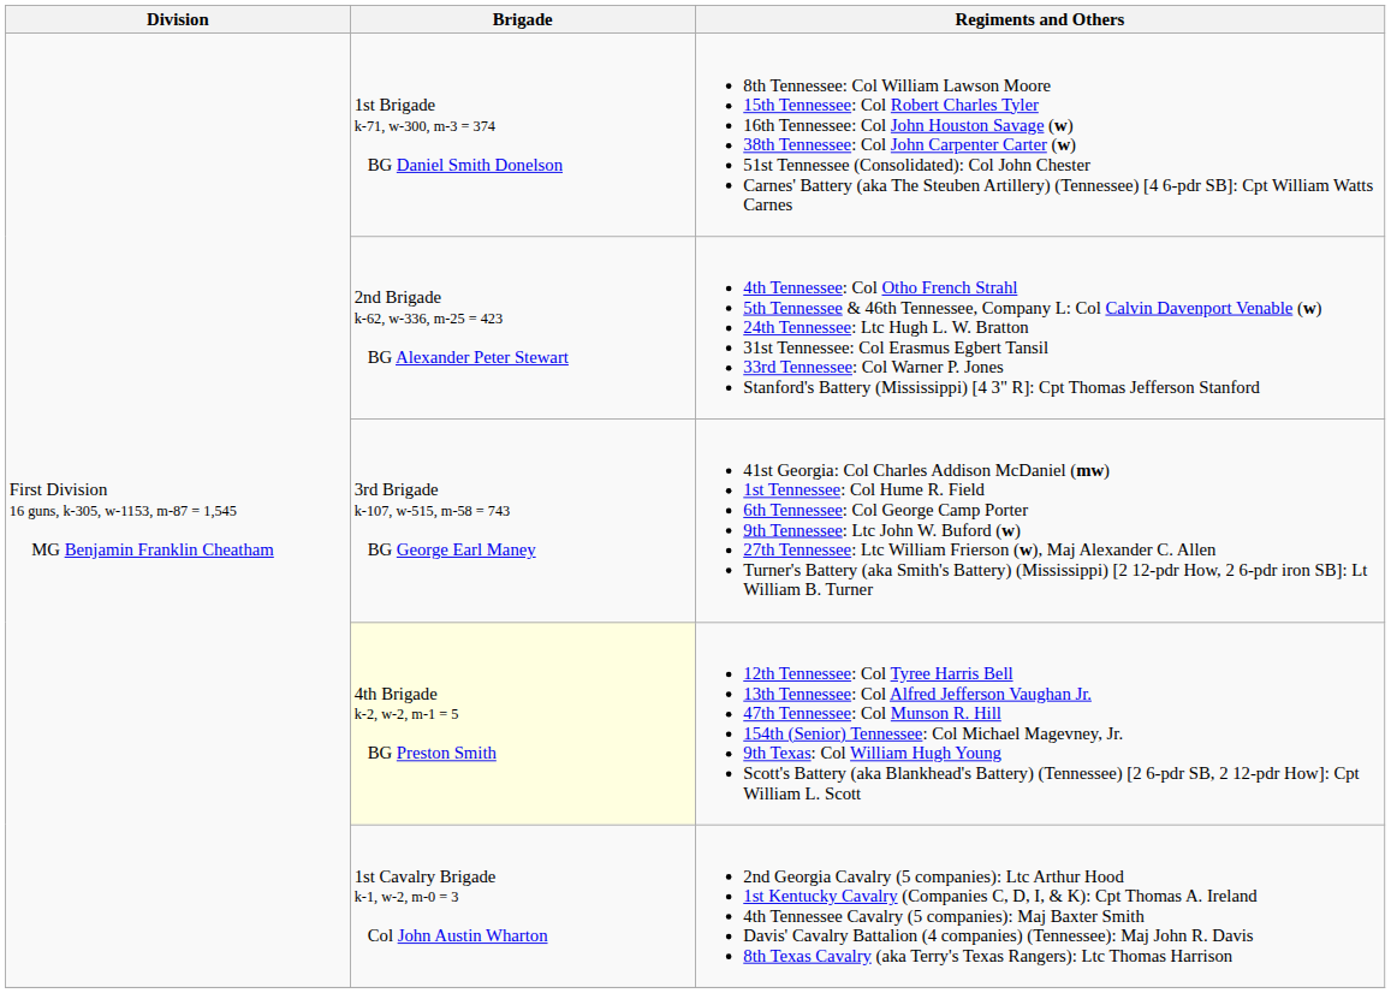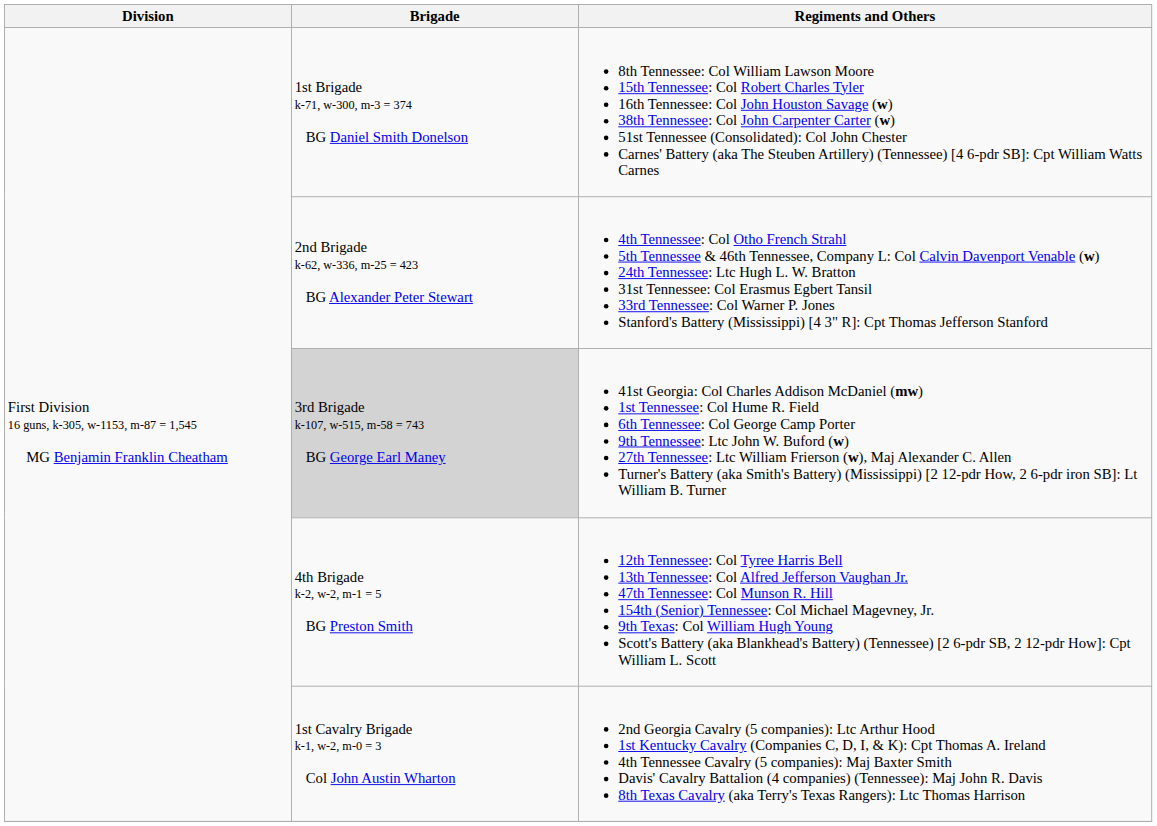 <table class="wikitable">
 <tr>
 <th width=25%>Division</th>
 <th width=25%>Brigade</th>
 <th>Regiments and Others</th>
 </tr>
 <tr>
 <td rowspan=5><br>First Division<br><small>16 guns, k-305, w-1153, m-87 = 1,545</small><br><br>     MG <a href='#'>Benjamin Franklin Cheatham</a><br></td>
 <td>1st Brigade<br><small>k-71, w-300, m-3 = 374</small><br><br>   BG <a href='#'>Daniel Smith Donelson</a></td>
 <td><br><ul><li>8th Tennessee: Col William Lawson Moore</li><li><a href='#'>15th Tennessee</a>: Col <a href='#'>Robert Charles Tyler</a></li><li>16th Tennessee: Col <a href='#'>John Houston Savage</a> (<strong>w</strong>)</li><li><a href='#'>38th Tennessee</a>: Col <a href='#'>John Carpenter Carter</a> (<strong>w</strong>)</li><li>51st Tennessee (Consolidated): Col John Chester</li><li>Carnes' Battery (aka The Steuben Artillery) (Tennessee) [4 6-pdr SB]: Cpt William Watts Carnes</li></ul></td>
 </tr>
 <tr>
 <td>2nd Brigade<br><small>k-62, w-336, m-25 = 423</small><br><br>   BG <a href='#'>Alexander Peter Stewart</a></td>
 <td><br><ul><li><a href='#'>4th Tennessee</a>: Col <a href='#'>Otho French Strahl</a></li><li><a href='#'>5th Tennessee</a> & 46th Tennessee, Company L: Col <a href='#'>Calvin Davenport Venable</a> (<strong>w</strong>)</li><li><a href='#'>24th Tennessee</a>: Ltc Hugh L. W. Bratton</li><li>31st Tennessee: Col Erasmus Egbert Tansil</li><li><a href='#'>33rd Tennessee</a>: Col Warner P. Jones</li><li>Stanford's Battery (Mississippi) [4 3" R]: Cpt Thomas Jefferson Stanford</li></ul></td>
 </tr>
 <tr>
-<td>3rd Brigade<br><small>k-107, w-515, m-58 = 743</small><br><br>   BG <a href='#'>George Earl Maney</a></td>
+<td style="background: lightgrey;">3rd Brigade<br><small>k-107, w-515, m-58 = 743</small><br><br>   BG <a href='#'>George Earl Maney</a></td>
 <td><br><ul><li>41st Georgia: Col Charles Addison McDaniel (<strong>mw</strong>)</li><li><a href='#'>1st Tennessee</a>: Col Hume R. Field</li><li><a href='#'>6th Tennessee</a>: Col George Camp Porter</li><li><a href='#'>9th Tennessee</a>: Ltc John W. Buford (<strong>w</strong>)</li><li><a href='#'>27th Tennessee</a>: Ltc William Frierson (<strong>w</strong>), Maj Alexander C. Allen</li><li>Turner's Battery (aka Smith's Battery) (Mississippi) [2 12-pdr How, 2 6-pdr iron SB]: Lt William B. Turner</li></ul></td>
 </tr>
 <tr>
-<td style="background: lightyellow;">4th Brigade<br><small>k-2, w-2, m-1 = 5</small><br><br>   BG <a href='#'>Preston Smith</a></td>
+<td>4th Brigade<br><small>k-2, w-2, m-1 = 5</small><br><br>   BG <a href='#'>Preston Smith</a></td>
 <td><br><ul><li><a href='#'>12th Tennessee</a>: Col <a href='#'>Tyree Harris Bell</a></li><li><a href='#'>13th Tennessee</a>: Col <a href='#'>Alfred Jefferson Vaughan Jr.</a></li><li><a href='#'>47th Tennessee</a>: Col <a href='#'>Munson R. Hill</a></li><li><a href='#'>154th (Senior) Tennessee</a>: Col Michael Magevney, Jr.</li><li><a href='#'>9th Texas</a>: Col <a href='#'>William Hugh Young</a></li><li>Scott's Battery (aka Blankhead's Battery) (Tennessee) [2 6-pdr SB, 2 12-pdr How]: Cpt William L. Scott</li></ul></td>
 </tr>
 <tr>
 <td>1st Cavalry Brigade<br><small>k-1, w-2, m-0 = 3</small><br><br>   Col <a href='#'>John Austin Wharton</a></td>
 <td><br><ul><li>2nd Georgia Cavalry (5 companies): Ltc Arthur Hood</li><li><a href='#'>1st Kentucky Cavalry</a> (Companies C, D, I, & K): Cpt Thomas A. Ireland</li><li>4th Tennessee Cavalry (5 companies): Maj Baxter Smith</li><li>Davis' Cavalry Battalion (4 companies) (Tennessee): Maj John R. Davis</li><li><a href='#'>8th Texas Cavalry</a> (aka Terry's Texas Rangers): Ltc Thomas Harrison</li></ul></td>
 </tr>
 <tr>
 </tr>
 </table>
